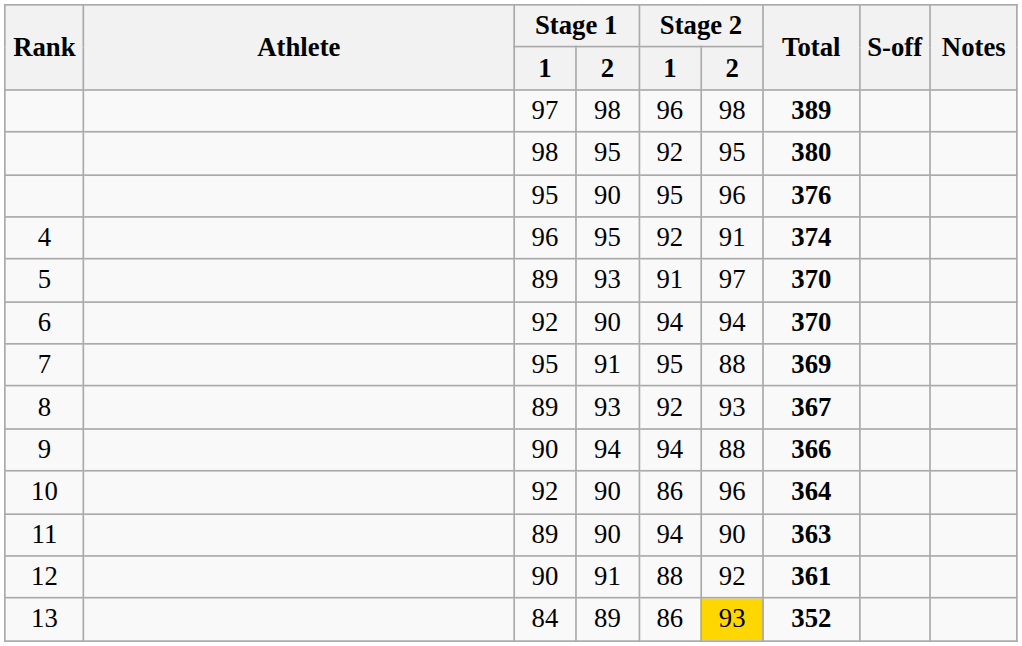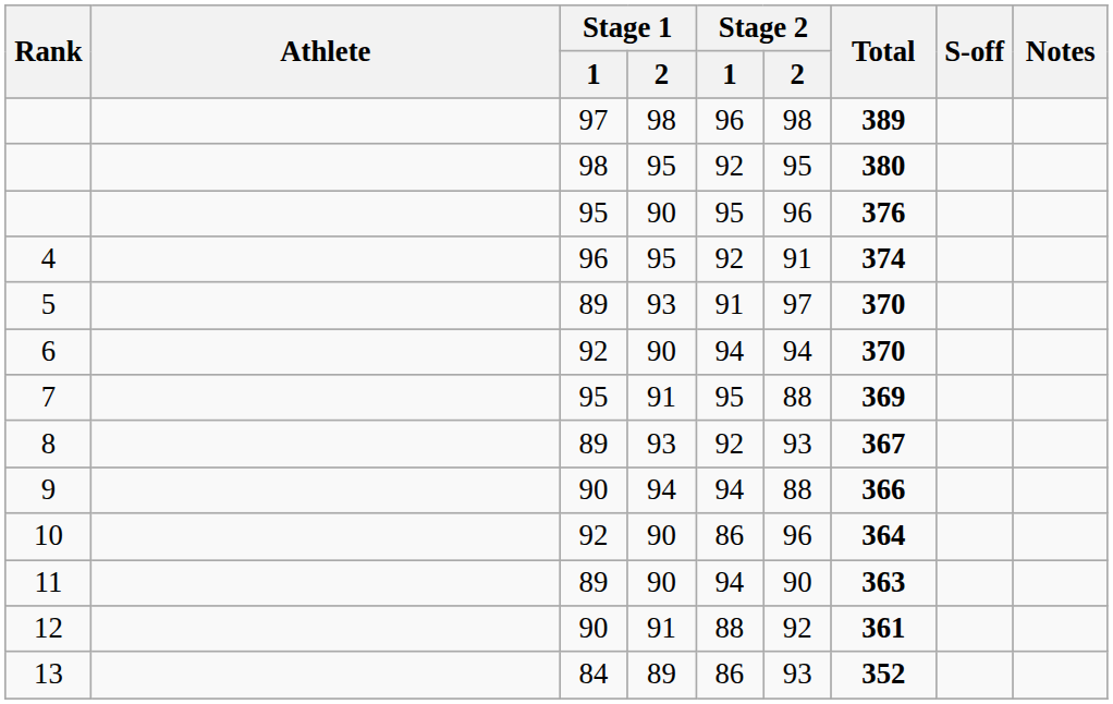 <table class="wikitable" style="text-align:center">
 <tr>
 <th rowspan=2 width=40>Rank</th>
 <th rowspan=2 width=250>Athlete</th>
 <th colspan=2>Stage 1</th>
 <th colspan=2>Stage 2</th>
 <th rowspan=2 width=50>Total</th>
 <th rowspan=2 width=35>S-off</th>
 <th rowspan=2 width=45>Notes</th>
 </tr>
 <tr>
 <th width=30>1</th>
 <th width=30>2</th>
 <th width=30>1</th>
 <th width=30>2</th>
 </tr>
 <tr>
 <td></td>
 <td align=left></td>
 <td>97</td>
 <td>98</td>
 <td>96</td>
 <td>98</td>
 <td><strong>389</strong></td>
 <td></td>
 <td></td>
 </tr>
 <tr>
 <td></td>
 <td align=left></td>
 <td>98</td>
 <td>95</td>
 <td>92</td>
 <td>95</td>
 <td><strong>380</strong></td>
 <td></td>
 <td></td>
 </tr>
 <tr>
 <td></td>
 <td align=left></td>
 <td>95</td>
 <td>90</td>
 <td>95</td>
 <td>96</td>
 <td><strong>376</strong></td>
 <td></td>
 <td></td>
 </tr>
 <tr>
 <td>4</td>
 <td align=left></td>
 <td>96</td>
 <td>95</td>
 <td>92</td>
 <td>91</td>
 <td><strong>374</strong></td>
 <td></td>
 <td></td>
 </tr>
 <tr>
 <td>5</td>
 <td align=left></td>
 <td>89</td>
 <td>93</td>
 <td>91</td>
 <td>97</td>
 <td><strong>370</strong></td>
 <td></td>
 <td></td>
 </tr>
 <tr>
 <td>6</td>
 <td align=left></td>
 <td>92</td>
 <td>90</td>
 <td>94</td>
 <td>94</td>
 <td><strong>370</strong></td>
 <td></td>
 <td></td>
 </tr>
 <tr>
 <td>7</td>
 <td align=left></td>
 <td>95</td>
 <td>91</td>
 <td>95</td>
 <td>88</td>
 <td><strong>369</strong></td>
 <td></td>
 <td></td>
 </tr>
 <tr>
 <td>8</td>
 <td align=left></td>
 <td>89</td>
 <td>93</td>
 <td>92</td>
 <td>93</td>
 <td><strong>367</strong></td>
 <td></td>
 <td></td>
 </tr>
 <tr>
 <td>9</td>
 <td align=left></td>
 <td>90</td>
 <td>94</td>
 <td>94</td>
 <td>88</td>
 <td><strong>366</strong></td>
 <td></td>
 <td></td>
 </tr>
 <tr>
 <td>10</td>
 <td align=left></td>
 <td>92</td>
 <td>90</td>
 <td>86</td>
 <td>96</td>
 <td><strong>364</strong></td>
 <td></td>
 <td></td>
 </tr>
 <tr>
 <td>11</td>
 <td align=left></td>
 <td>89</td>
 <td>90</td>
 <td>94</td>
 <td>90</td>
 <td><strong>363</strong></td>
 <td></td>
 <td></td>
 </tr>
 <tr>
 <td>12</td>
 <td align=left></td>
 <td>90</td>
 <td>91</td>
 <td>88</td>
 <td>92</td>
 <td><strong>361</strong></td>
 <td></td>
 <td></td>
 </tr>
 <tr>
 <td>13</td>
 <td align=left></td>
 <td>84</td>
 <td>89</td>
 <td>86</td>
-<td style="background: gold;">93</td>
+<td>93</td>
 <td><strong>352</strong></td>
 <td></td>
 <td></td>
 </tr>
 </table>
